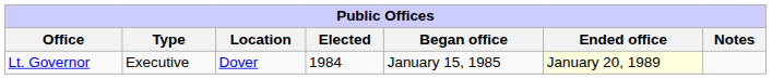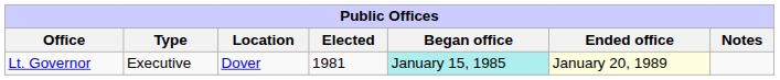 <table class=wikitable style="width: 94%" style="text-align: center;" align="center">
 <tr bgcolor=#cccccc>
 <th colspan=7 style="background: #ccccff;">Public Offices</th>
 </tr>
 <tr>
 <th>Office</th>
 <th>Type</th>
 <th>Location</th>
 <th>Elected</th>
 <th>Began office</th>
 <th>Ended office</th>
 <th>Notes</th>
 </tr>
 <tr>
 <td><a href='#'>Lt. Governor</a></td>
 <td>Executive</td>
 <td><a href='#'>Dover</a></td>
-<td>1984</td>
-<td>January 15, 1985</td>
+<td>1981</td>
+<td style="background: paleturquoise;">January 15, 1985</td>
 <td style="background: lightyellow;">January 20, 1989</td>
 <td></td>
 </tr>
 </table>
